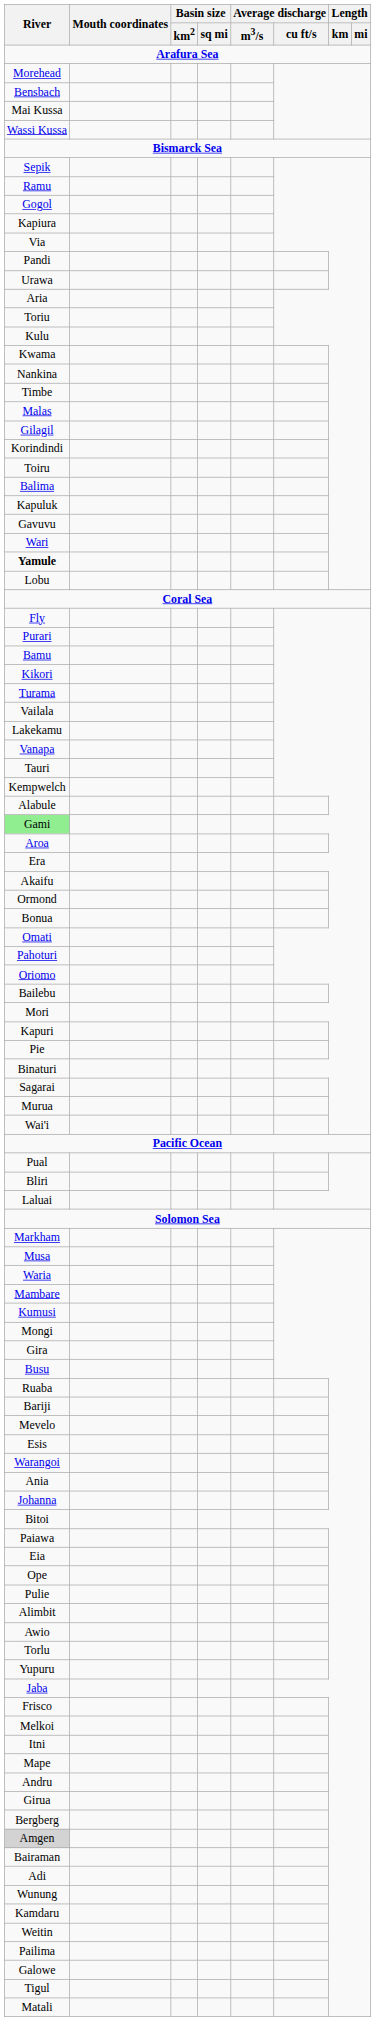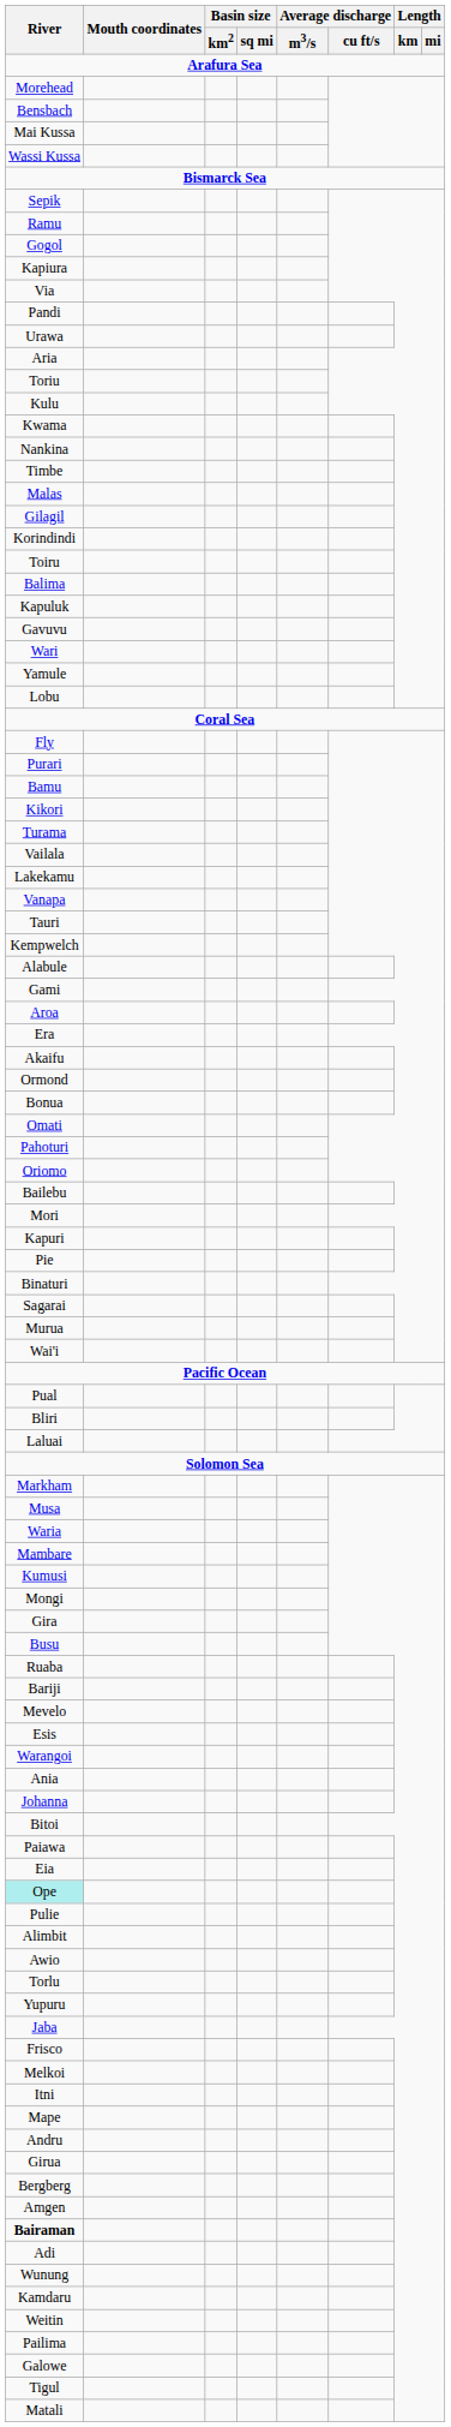 <table class="wikitable sortable" style="text-align:center;">
 <tr>
 <th rowspan=2>River</th>
 <th rowspan=2>Mouth coordinates</th>
 <th colspan=2>Basin size</th>
 <th colspan=2>Average discharge</th>
 <th colspan=2>Length</th>
 </tr>
 <tr>
 <th>km<sup>2</sup></th>
 <th>sq mi</th>
 <th>m<sup>3</sup>/s</th>
 <th>cu ft/s</th>
 <th>km</th>
 <th>mi</th>
 </tr>
 <tr>
 <td colspan="8"><strong><a href='#'>Arafura Sea</a></strong></td>
 </tr>
 <tr>
 <td><a href='#'>Morehead</a></td>
 <td></td>
 <td></td>
 <td></td>
 <td></td>
 </tr>
 <tr>
 <td><a href='#'>Bensbach</a></td>
 <td></td>
 <td></td>
 <td></td>
 <td></td>
 </tr>
 <tr>
 <td>Mai Kussa</td>
 <td></td>
 <td></td>
 <td></td>
 <td></td>
 </tr>
 <tr>
 <td><a href='#'>Wassi Kussa</a></td>
 <td></td>
 <td></td>
 <td></td>
 <td></td>
 </tr>
 <tr>
 <td colspan="8"><strong><a href='#'>Bismarck Sea</a></strong></td>
 </tr>
 <tr>
 <td><a href='#'>Sepik</a></td>
 <td></td>
 <td></td>
 <td></td>
 <td></td>
 </tr>
 <tr>
 <td><a href='#'>Ramu</a></td>
 <td></td>
 <td></td>
 <td></td>
 <td></td>
 </tr>
 <tr>
 <td><a href='#'>Gogol</a></td>
 <td></td>
 <td></td>
 <td></td>
 <td></td>
 </tr>
 <tr>
 <td>Kapiura</td>
 <td></td>
 <td></td>
 <td></td>
 <td></td>
 </tr>
 <tr>
 <td>Via</td>
 <td></td>
 <td></td>
 <td></td>
 <td></td>
 </tr>
 <tr>
 <td>Pandi</td>
 <td></td>
 <td></td>
 <td></td>
 <td></td>
 <td></td>
 </tr>
 <tr>
 <td>Urawa</td>
 <td></td>
 <td></td>
 <td></td>
 <td></td>
 <td></td>
 </tr>
 <tr>
 <td>Aria</td>
 <td></td>
 <td></td>
 <td></td>
 <td></td>
 </tr>
 <tr>
 <td>Toriu</td>
 <td></td>
 <td></td>
 <td></td>
 <td></td>
 </tr>
 <tr>
 <td>Kulu</td>
 <td></td>
 <td></td>
 <td></td>
 <td></td>
 </tr>
 <tr>
 <td>Kwama</td>
 <td></td>
 <td></td>
 <td></td>
 <td></td>
 <td></td>
 </tr>
 <tr>
 <td>Nankina</td>
 <td></td>
 <td></td>
 <td></td>
 <td></td>
 <td></td>
 </tr>
 <tr>
 <td>Timbe</td>
 <td></td>
 <td></td>
 <td></td>
 <td></td>
 <td></td>
 </tr>
 <tr>
 <td><a href='#'>Malas</a></td>
 <td></td>
 <td></td>
 <td></td>
 <td></td>
 <td></td>
 </tr>
 <tr>
 <td><a href='#'>Gilagil</a></td>
 <td></td>
 <td></td>
 <td></td>
 <td></td>
 <td></td>
 </tr>
 <tr>
 <td>Korindindi</td>
 <td></td>
 <td></td>
 <td></td>
 <td></td>
 <td></td>
 </tr>
 <tr>
 <td>Toiru</td>
 <td></td>
 <td></td>
 <td></td>
 <td></td>
 <td></td>
 </tr>
 <tr>
 <td><a href='#'>Balima</a></td>
 <td></td>
 <td></td>
 <td></td>
 <td></td>
 <td></td>
 </tr>
 <tr>
 <td>Kapuluk</td>
 <td></td>
 <td></td>
 <td></td>
 <td></td>
 <td></td>
 </tr>
 <tr>
 <td>Gavuvu</td>
 <td></td>
 <td></td>
 <td></td>
 <td></td>
 <td></td>
 </tr>
 <tr>
 <td><a href='#'>Wari</a></td>
 <td></td>
 <td></td>
 <td></td>
 <td></td>
 <td></td>
 </tr>
 <tr>
-<td><strong>Yamule</strong></td>
+<td>Yamule</td>
 <td></td>
 <td></td>
 <td></td>
 <td></td>
 <td></td>
 </tr>
 <tr>
 <td>Lobu</td>
 <td></td>
 <td></td>
 <td></td>
 <td></td>
 <td></td>
 </tr>
 <tr>
 <td colspan="8"><strong><a href='#'>Coral Sea</a></strong></td>
 </tr>
 <tr>
 <td><a href='#'>Fly</a></td>
 <td></td>
 <td></td>
 <td></td>
 <td></td>
 </tr>
 <tr>
 <td><a href='#'>Purari</a></td>
 <td></td>
 <td></td>
 <td></td>
 <td></td>
 </tr>
 <tr>
 <td><a href='#'>Bamu</a></td>
 <td></td>
 <td></td>
 <td></td>
 <td></td>
 </tr>
 <tr>
 <td><a href='#'>Kikori</a></td>
 <td></td>
 <td></td>
 <td></td>
 <td></td>
 </tr>
 <tr>
 <td><a href='#'>Turama</a></td>
 <td></td>
 <td></td>
 <td></td>
 <td></td>
 </tr>
 <tr>
 <td>Vailala</td>
 <td></td>
 <td></td>
 <td></td>
 <td></td>
 </tr>
 <tr>
 <td>Lakekamu</td>
 <td></td>
 <td></td>
 <td></td>
 <td></td>
 </tr>
 <tr>
 <td><a href='#'>Vanapa</a></td>
 <td></td>
 <td></td>
 <td></td>
 <td></td>
 </tr>
 <tr>
 <td>Tauri</td>
 <td></td>
 <td></td>
 <td></td>
 <td></td>
 </tr>
 <tr>
 <td>Kempwelch</td>
 <td></td>
 <td></td>
 <td></td>
 <td></td>
 </tr>
 <tr>
 <td>Alabule</td>
 <td></td>
 <td></td>
 <td></td>
 <td></td>
 <td></td>
 </tr>
 <tr>
-<td style="background: lightgreen;">Gami</td>
+<td>Gami</td>
 <td></td>
 <td></td>
 <td></td>
 <td></td>
 </tr>
 <tr>
 <td><a href='#'>Aroa</a></td>
 <td></td>
 <td></td>
 <td></td>
 <td></td>
 <td></td>
 </tr>
 <tr>
 <td>Era</td>
 <td></td>
 <td></td>
 <td></td>
 <td></td>
 </tr>
 <tr>
 <td>Akaifu</td>
 <td></td>
 <td></td>
 <td></td>
 <td></td>
 <td></td>
 </tr>
 <tr>
 <td>Ormond</td>
 <td></td>
 <td></td>
 <td></td>
 <td></td>
 <td></td>
 </tr>
 <tr>
 <td>Bonua</td>
 <td></td>
 <td></td>
 <td></td>
 <td></td>
 <td></td>
 </tr>
 <tr>
 <td><a href='#'>Omati</a></td>
 <td></td>
 <td></td>
 <td></td>
 <td></td>
 </tr>
 <tr>
 <td><a href='#'>Pahoturi</a></td>
 <td></td>
 <td></td>
 <td></td>
 <td></td>
 </tr>
 <tr>
 <td><a href='#'>Oriomo</a></td>
 <td></td>
 <td></td>
 <td></td>
 <td></td>
 </tr>
 <tr>
 <td>Bailebu</td>
 <td></td>
 <td></td>
 <td></td>
 <td></td>
 <td></td>
 </tr>
 <tr>
 <td>Mori</td>
 <td></td>
 <td></td>
 <td></td>
 <td></td>
 </tr>
 <tr>
 <td>Kapuri</td>
 <td></td>
 <td></td>
 <td></td>
 <td></td>
 <td></td>
 </tr>
 <tr>
 <td>Pie</td>
 <td></td>
 <td></td>
 <td></td>
 <td></td>
 <td></td>
 </tr>
 <tr>
 <td>Binaturi</td>
 <td></td>
 <td></td>
 <td></td>
 <td></td>
 </tr>
 <tr>
 <td>Sagarai</td>
 <td></td>
 <td></td>
 <td></td>
 <td></td>
 <td></td>
 </tr>
 <tr>
 <td>Murua</td>
 <td></td>
 <td></td>
 <td></td>
 <td></td>
 <td></td>
 </tr>
 <tr>
 <td>Wai'i</td>
 <td></td>
 <td></td>
 <td></td>
 <td></td>
 <td></td>
 </tr>
 <tr>
 <td colspan="8"><strong><a href='#'>Pacific Ocean</a></strong></td>
 </tr>
 <tr>
 <td>Pual</td>
 <td></td>
 <td></td>
 <td></td>
 <td></td>
 <td></td>
 </tr>
 <tr>
 <td>Bliri</td>
 <td></td>
 <td></td>
 <td></td>
 <td></td>
 <td></td>
 </tr>
 <tr>
 <td>Laluai</td>
 <td></td>
 <td></td>
 <td></td>
 <td></td>
 </tr>
 <tr>
 <td colspan="8"><strong><a href='#'>Solomon Sea</a></strong></td>
 </tr>
 <tr>
 <td><a href='#'>Markham</a></td>
 <td></td>
 <td></td>
 <td></td>
 <td></td>
 </tr>
 <tr>
 <td><a href='#'>Musa</a></td>
 <td></td>
 <td></td>
 <td></td>
 <td></td>
 </tr>
 <tr>
 <td><a href='#'>Waria</a></td>
 <td></td>
 <td></td>
 <td></td>
 <td></td>
 </tr>
 <tr>
 <td><a href='#'>Mambare</a></td>
 <td></td>
 <td></td>
 <td></td>
 <td></td>
 </tr>
 <tr>
 <td><a href='#'>Kumusi</a></td>
 <td></td>
 <td></td>
 <td></td>
 <td></td>
 </tr>
 <tr>
 <td>Mongi</td>
 <td></td>
 <td></td>
 <td></td>
 <td></td>
 </tr>
 <tr>
 <td>Gira</td>
 <td></td>
 <td></td>
 <td></td>
 <td></td>
 </tr>
 <tr>
 <td><a href='#'>Busu</a></td>
 <td></td>
 <td></td>
 <td></td>
 <td></td>
 </tr>
 <tr>
 <td>Ruaba</td>
 <td></td>
 <td></td>
 <td></td>
 <td></td>
 <td></td>
 </tr>
 <tr>
 <td>Bariji</td>
 <td></td>
 <td></td>
 <td></td>
 <td></td>
 <td></td>
 </tr>
 <tr>
 <td>Mevelo</td>
 <td></td>
 <td></td>
 <td></td>
 <td></td>
 <td></td>
 </tr>
 <tr>
 <td>Esis</td>
 <td></td>
 <td></td>
 <td></td>
 <td></td>
 <td></td>
 </tr>
 <tr>
 <td><a href='#'>Warangoi</a></td>
 <td></td>
 <td></td>
 <td></td>
 <td></td>
 <td></td>
 </tr>
 <tr>
 <td>Ania</td>
 <td></td>
 <td></td>
 <td></td>
 <td></td>
 <td></td>
 </tr>
 <tr>
 <td><a href='#'>Johanna</a></td>
 <td></td>
 <td></td>
 <td></td>
 <td></td>
 <td></td>
 </tr>
 <tr>
 <td>Bitoi</td>
 <td></td>
 <td></td>
 <td></td>
 <td></td>
 </tr>
 <tr>
 <td>Paiawa</td>
 <td></td>
 <td></td>
 <td></td>
 <td></td>
 <td></td>
 </tr>
 <tr>
 <td>Eia</td>
 <td></td>
 <td></td>
 <td></td>
 <td></td>
 <td></td>
 </tr>
 <tr>
-<td>Ope</td>
+<td style="background: paleturquoise;">Ope</td>
 <td></td>
 <td></td>
 <td></td>
 <td></td>
 <td></td>
 </tr>
 <tr>
 <td>Pulie</td>
 <td></td>
 <td></td>
 <td></td>
 <td></td>
 <td></td>
 </tr>
 <tr>
 <td>Alimbit</td>
 <td></td>
 <td></td>
 <td></td>
 <td></td>
 <td></td>
 </tr>
 <tr>
 <td>Awio</td>
 <td></td>
 <td></td>
 <td></td>
 <td></td>
 <td></td>
 </tr>
 <tr>
 <td>Torlu</td>
 <td></td>
 <td></td>
 <td></td>
 <td></td>
 <td></td>
 </tr>
 <tr>
 <td>Yupuru</td>
 <td></td>
 <td></td>
 <td></td>
 <td></td>
 <td></td>
 </tr>
 <tr>
 <td><a href='#'>Jaba</a></td>
 <td></td>
 <td></td>
 <td></td>
 <td></td>
 </tr>
 <tr>
 <td>Frisco</td>
 <td></td>
 <td></td>
 <td></td>
 <td></td>
 <td></td>
 </tr>
 <tr>
 <td>Melkoi</td>
 <td></td>
 <td></td>
 <td></td>
 <td></td>
 <td></td>
 </tr>
 <tr>
 <td>Itni</td>
 <td></td>
 <td></td>
 <td></td>
 <td></td>
 <td></td>
 </tr>
 <tr>
 <td>Mape</td>
 <td></td>
 <td></td>
 <td></td>
 <td></td>
 <td></td>
 </tr>
 <tr>
 <td>Andru</td>
 <td></td>
 <td></td>
 <td></td>
 <td></td>
 <td></td>
 </tr>
 <tr>
 <td>Girua</td>
 <td></td>
 <td></td>
 <td></td>
 <td></td>
 <td></td>
 </tr>
 <tr>
 <td>Bergberg</td>
 <td></td>
 <td></td>
 <td></td>
 <td></td>
 <td></td>
 </tr>
 <tr>
-<td style="background: lightgrey;">Amgen</td>
+<td>Amgen</td>
 <td></td>
 <td></td>
 <td></td>
 <td></td>
 <td></td>
 </tr>
 <tr>
-<td>Bairaman</td>
+<td><strong>Bairaman</strong></td>
 <td></td>
 <td></td>
 <td></td>
 <td></td>
 <td></td>
 </tr>
 <tr>
 <td>Adi</td>
 <td></td>
 <td></td>
 <td></td>
 <td></td>
 <td></td>
 </tr>
 <tr>
 <td>Wunung</td>
 <td></td>
 <td></td>
 <td></td>
 <td></td>
 <td></td>
 </tr>
 <tr>
 <td>Kamdaru</td>
 <td></td>
 <td></td>
 <td></td>
 <td></td>
 <td></td>
 </tr>
 <tr>
 <td>Weitin</td>
 <td></td>
 <td></td>
 <td></td>
 <td></td>
 <td></td>
 </tr>
 <tr>
 <td>Pailima</td>
 <td></td>
 <td></td>
 <td></td>
 <td></td>
 <td></td>
 </tr>
 <tr>
 <td>Galowe</td>
 <td></td>
 <td></td>
 <td></td>
 <td></td>
 <td></td>
 </tr>
 <tr>
 <td>Tigul</td>
 <td></td>
 <td></td>
 <td></td>
 <td></td>
 <td></td>
 </tr>
 <tr>
 <td>Matali</td>
 <td></td>
 <td></td>
 <td></td>
 <td></td>
 <td></td>
 </tr>
 </table>
